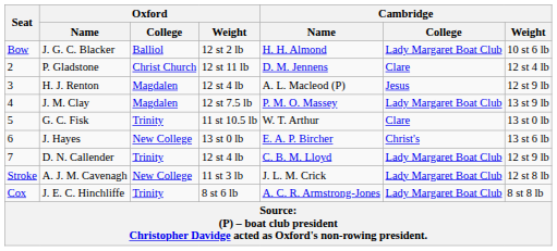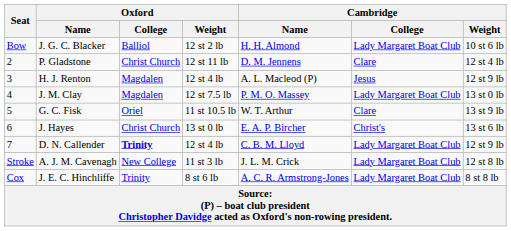 <table class="wikitable">
 <tr>
 <th rowspan="2" scope="col">Seat</th>
 <th colspan="3" scope="col">Oxford <br> </th>
 <th colspan="3" scope="col">Cambridge <br> </th>
 </tr>
 <tr>
 <th>Name</th>
 <th>College</th>
 <th>Weight</th>
 <th>Name</th>
 <th>College</th>
 <th>Weight</th>
 </tr>
 <tr>
 <td><a href='#'>Bow</a></td>
 <td>J. G. C. Blacker</td>
 <td><a href='#'>Balliol</a></td>
 <td>12 st 2 lb</td>
 <td><a href='#'>H. H. Almond</a></td>
 <td><a href='#'>Lady Margaret Boat Club</a></td>
 <td>10 st 6 lb</td>
 </tr>
 <tr>
 <td>2</td>
 <td>P. Gladstone</td>
 <td><a href='#'>Christ Church</a></td>
 <td>12 st 11 lb</td>
 <td><a href='#'>D. M. Jennens</a></td>
 <td><a href='#'>Clare</a></td>
 <td>12 st 4 lb</td>
 </tr>
 <tr>
 <td>3</td>
 <td>H. J. Renton</td>
 <td><a href='#'>Magdalen</a></td>
 <td>12 st 4 lb</td>
 <td>A. L. Macleod (P)</td>
 <td><a href='#'>Jesus</a></td>
 <td>12 st 9 lb</td>
 </tr>
 <tr>
 <td>4</td>
 <td>J. M. Clay</td>
 <td><a href='#'>Magdalen</a></td>
 <td>12 st 7.5 lb</td>
 <td><a href='#'>P. M. O. Massey</a></td>
 <td><a href='#'>Lady Margaret Boat Club</a></td>
-<td>13 st 9 lb</td>
+<td>13 st 0 lb</td>
 </tr>
 <tr>
 <td>5</td>
 <td>G. C. Fisk</td>
-<td><a href='#'>Trinity</a></td>
+<td><a href='#'>Oriel</a></td>
 <td>11 st 10.5 lb</td>
 <td>W. T. Arthur</td>
 <td><a href='#'>Clare</a></td>
-<td>13 st 0 lb</td>
+<td>13 st 9 lb</td>
 </tr>
 <tr>
 <td>6</td>
 <td>J. Hayes</td>
-<td><a href='#'>New College</a></td>
+<td><a href='#'>Christ Church</a></td>
 <td>13 st 0 lb</td>
 <td><a href='#'>E. A. P. Bircher</a></td>
 <td><a href='#'>Christ's</a></td>
 <td>13 st 6 lb</td>
 </tr>
 <tr>
 <td>7</td>
 <td>D. N. Callender</td>
-<td><a href='#'>Trinity</a></td>
+<td><strong><a href='#'>Trinity</a></strong></td>
 <td>12 st 4 lb</td>
 <td><a href='#'>C. B. M. Lloyd</a></td>
 <td><a href='#'>Lady Margaret Boat Club</a></td>
 <td>12 st 9 lb</td>
 </tr>
 <tr>
 <td><a href='#'>Stroke</a></td>
 <td>A. J. M. Cavenagh</td>
 <td><a href='#'>New College</a></td>
 <td>11 st 3 lb</td>
 <td>J. L. M. Crick</td>
 <td><a href='#'>Lady Margaret Boat Club</a></td>
 <td>12 st 8 lb</td>
 </tr>
 <tr>
 <td><a href='#'>Cox</a></td>
 <td>J. E. C. Hinchliffe</td>
 <td><a href='#'>Trinity</a></td>
 <td>8 st 6 lb</td>
 <td><a href='#'>A. C. R. Armstrong-Jones</a></td>
 <td><a href='#'>Lady Margaret Boat Club</a></td>
 <td>8 st 8 lb</td>
 </tr>
 <tr>
 <th colspan="7">Source:<br>(P) – boat club president<br><a href='#'>Christopher Davidge</a> acted as Oxford's non-rowing president.</th>
 </tr>
 </table>
